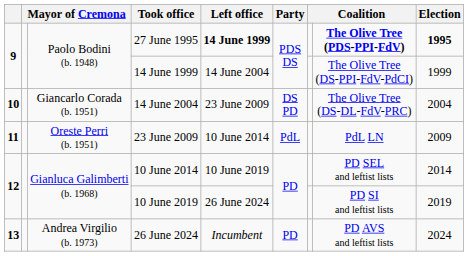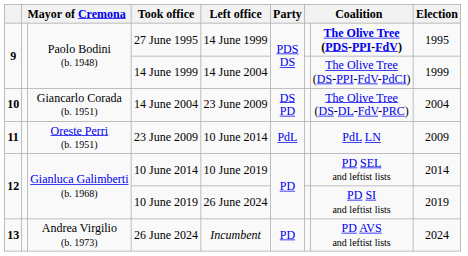 <table class="wikitable" style="text-align: center;">
 <tr>
 <th><br></th>
 <th colspan="2">Mayor of <a href='#'>Cremona</a></th>
 <th>Took office</th>
 <th>Left office</th>
 <th>Party</th>
 <th colspan="2">Coalition</th>
 <th>Election</th>
 </tr>
 <tr>
 <td rowspan="2" style="background: "><strong>9</strong></td>
 <td rowspan="2"></td>
 <td rowspan="2">Paolo Bodini <br><small>(b. 1948)</small></td>
 <td>27 June 1995</td>
-<td><strong>14 June 1999</strong></td>
+<td>14 June 1999</td>
 <td rowspan="2"><a href='#'>PDS</a><br><a href='#'>DS</a></td>
 <td style="background: "></td>
 <td><strong><a href='#'>The Olive Tree</a><br>(<a href='#'>PDS</a>-<a href='#'>PPI</a>-<a href='#'>FdV</a>)</strong></td>
-<td><strong>1995</strong></td>
+<td>1995</td>
 </tr>
 <tr>
 <td>14 June 1999</td>
 <td>14 June 2004</td>
 <td style="background: "></td>
 <td><a href='#'>The Olive Tree</a><br>(<a href='#'>DS</a>-<a href='#'>PPI</a>-<a href='#'>FdV</a>-<a href='#'>PdCI</a>)</td>
 <td>1999</td>
 </tr>
 <tr>
 <td rowspan="1" style="background: "><strong>10</strong></td>
 <td rowspan="1"></td>
 <td rowspan="1">Giancarlo Corada <br><small>(b. 1951)</small></td>
 <td>14 June 2004</td>
 <td>23 June 2009</td>
 <td rowspan="1"><a href='#'>DS</a><br><a href='#'>PD</a></td>
 <td style="background: "></td>
 <td><a href='#'>The Olive Tree</a><br>(<a href='#'>DS</a>-<a href='#'>DL</a>-<a href='#'>FdV</a>-<a href='#'>PRC</a>)</td>
 <td>2004</td>
 </tr>
 <tr>
 <td rowspan="1" style="background: "><strong>11</strong></td>
 <td rowspan="1"></td>
 <td rowspan="1"><a href='#'>Oreste Perri</a> <br><small>(b. 1951)</small></td>
 <td rowspan="1">23 June 2009</td>
 <td rowspan="1">10 June 2014</td>
 <td rowspan="1"><a href='#'>PdL</a></td>
 <td style="background: "></td>
 <td><a href='#'>PdL</a>  <a href='#'>LN</a></td>
 <td>2009</td>
 </tr>
 <tr>
 <td rowspan="2" style="background: "><strong>12</strong></td>
 <td rowspan="2"></td>
 <td rowspan="2"><a href='#'>Gianluca Galimberti</a> <br><small>(b. 1968)</small></td>
 <td>10 June 2014</td>
 <td>10 June 2019</td>
 <td rowspan="2"><a href='#'>PD</a></td>
 <td style="background: "></td>
 <td><a href='#'>PD</a>  <a href='#'>SEL</a><br><small>and leftist lists</small></td>
 <td>2014</td>
 </tr>
 <tr>
 <td>10 June 2019</td>
 <td>26 June 2024</td>
 <td style="background: "></td>
 <td><a href='#'>PD</a>  <a href='#'>SI</a><br><small>and leftist lists</small></td>
 <td>2019</td>
 </tr>
 <tr>
 <td style="background: "><strong>13</strong></td>
 <td></td>
 <td>Andrea Virgilio <br><small>(b. 1973)</small></td>
 <td>26 June 2024</td>
 <td><em>Incumbent</em></td>
 <td><a href='#'>PD</a></td>
 <td style="background: "></td>
 <td><a href='#'>PD</a>  <a href='#'>AVS</a><br><small>and leftist lists</small></td>
 <td>2024</td>
 </tr>
 </table>
